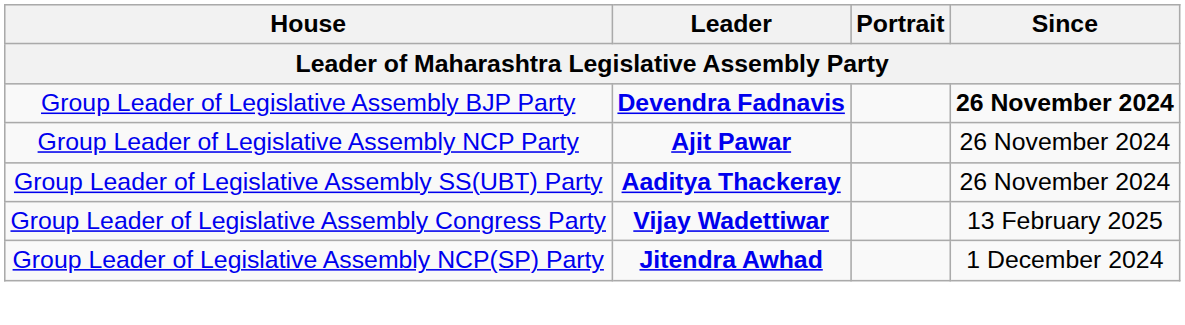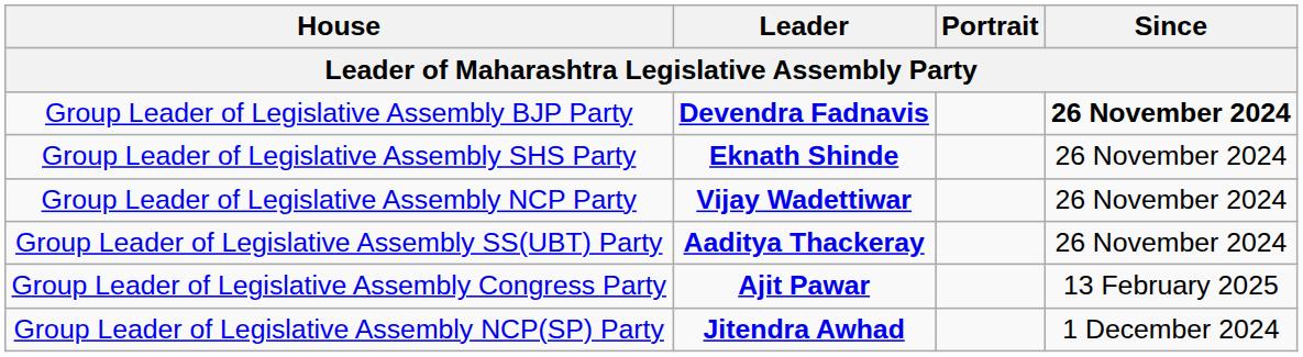 <table class="wikitable" style="text-align:center">
 <tr>
 <th Style="background-color:">House</th>
 <th Style="background-color:">Leader</th>
 <th Style="background-color:">Portrait</th>
 <th Style="background-color:">Since</th>
 </tr>
 <tr>
 <th colspan=4>Leader of Maharashtra Legislative Assembly Party</th>
 </tr>
 <tr>
 <td><a href='#'>Group Leader of Legislative Assembly BJP Party</a></td>
 <td><strong><a href='#'>Devendra Fadnavis</a></strong></td>
 <td></td>
 <td><strong>26 November 2024</strong></td>
 </tr>
 <tr>
+<td><a href='#'>Group Leader of Legislative Assembly SHS Party</a></td>
+<td><strong><a href='#'>Eknath Shinde</a></strong></td>
+<td></td>
+<td>26 November 2024</td>
+</tr>
+<tr>
 <td><a href='#'>Group Leader of Legislative Assembly NCP Party</a></td>
-<td><strong><a href='#'>Ajit Pawar</a></strong></td>
+<td><strong><a href='#'>Vijay Wadettiwar</a></strong></td>
 <td></td>
 <td>26 November 2024</td>
 </tr>
 <tr>
 <td><a href='#'>Group Leader of Legislative Assembly SS(UBT) Party</a></td>
 <td><strong><a href='#'>Aaditya Thackeray</a></strong></td>
 <td></td>
 <td>26 November 2024</td>
 </tr>
 <tr>
 <td><a href='#'>Group Leader of Legislative Assembly Congress Party</a></td>
-<td><strong><a href='#'>Vijay Wadettiwar</a></strong></td>
+<td><strong><a href='#'>Ajit Pawar</a></strong></td>
 <td></td>
 <td>13 February 2025</td>
 </tr>
 <tr>
 <td><a href='#'>Group Leader of Legislative Assembly NCP(SP) Party</a></td>
 <td><strong><a href='#'>Jitendra Awhad</a></strong></td>
 <td></td>
 <td>1 December 2024</td>
 </tr>
 </table>
